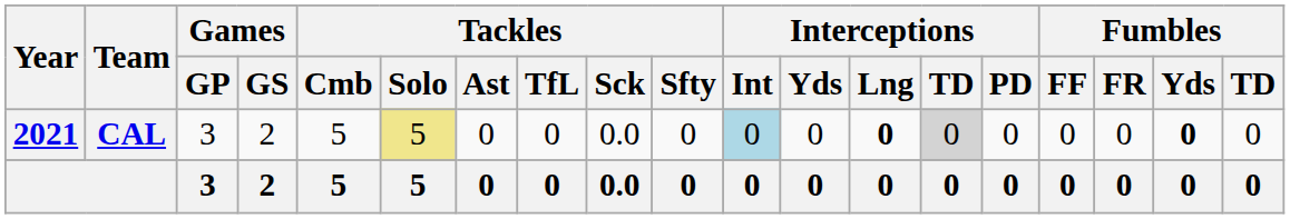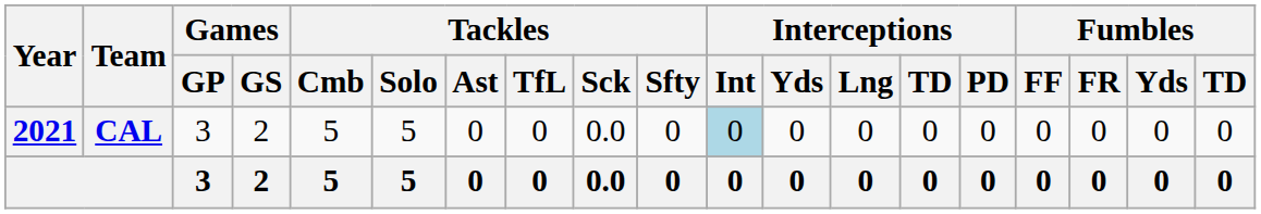 <table class= "wikitable" style="text-align: center;">
 <tr>
 <th rowspan="2">Year</th>
 <th rowspan="2">Team</th>
 <th colspan="2">Games</th>
 <th colspan="6">Tackles</th>
 <th colspan="5">Interceptions</th>
 <th colspan="4">Fumbles</th>
 </tr>
 <tr>
 <th>GP</th>
 <th>GS</th>
 <th>Cmb</th>
 <th>Solo</th>
 <th>Ast</th>
 <th>TfL</th>
 <th>Sck</th>
 <th>Sfty</th>
 <th>Int</th>
 <th>Yds</th>
 <th>Lng</th>
 <th>TD</th>
 <th>PD</th>
 <th>FF</th>
 <th>FR</th>
 <th>Yds</th>
 <th>TD</th>
 </tr>
 <tr>
 <th><a href='#'>2021</a></th>
 <th><a href='#'>CAL</a></th>
 <td>3</td>
 <td>2</td>
 <td>5</td>
-<td style="background: khaki;">5</td>
+<td>5</td>
 <td>0</td>
 <td>0</td>
 <td>0.0</td>
 <td>0</td>
 <td style="background: lightblue;">0</td>
 <td>0</td>
-<td><strong>0</strong></td>
-<td style="background: lightgrey;">0</td>
 <td>0</td>
 <td>0</td>
 <td>0</td>
-<td><strong>0</strong></td>
+<td>0</td>
+<td>0</td>
+<td>0</td>
 <td>0</td>
 </tr>
 <tr>
 <th colspan="2"></th>
 <th>3</th>
 <th>2</th>
 <th>5</th>
 <th>5</th>
 <th>0</th>
 <th>0</th>
 <th>0.0</th>
 <th>0</th>
 <th>0</th>
 <th>0</th>
 <th>0</th>
 <th>0</th>
 <th>0</th>
 <th>0</th>
 <th>0</th>
 <th>0</th>
 <th>0</th>
 </tr>
 </table>
